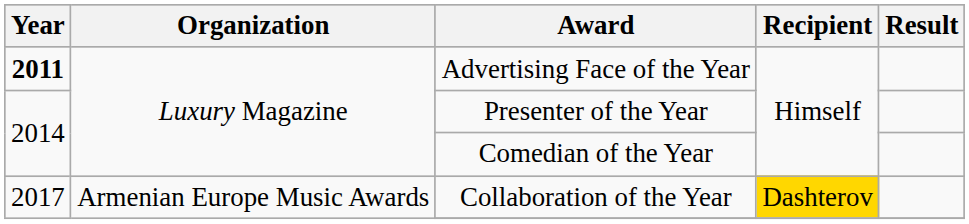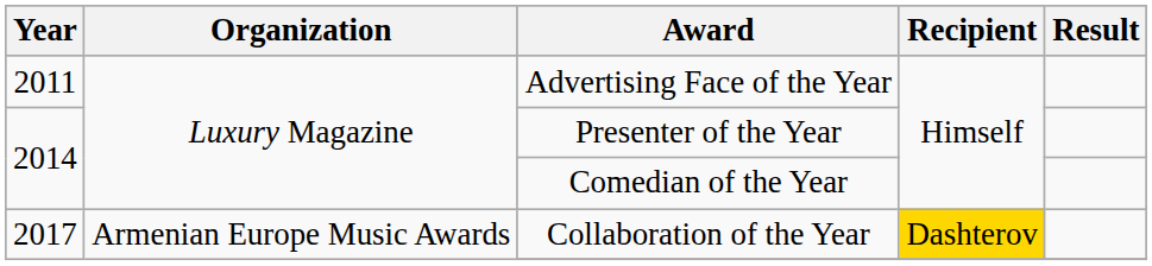 <table class="wikitable plainrowheaders" style="text-align:center;">
 <tr>
 <th>Year</th>
 <th>Organization</th>
 <th>Award</th>
 <th>Recipient</th>
 <th>Result</th>
 </tr>
 <tr>
-<td><strong>2011</strong></td>
+<td>2011</td>
 <td rowspan="3"><em>Luxury</em> Magazine</td>
 <td>Advertising Face of the Year</td>
 <td rowspan="3">Himself</td>
 <td></td>
 </tr>
 <tr>
 <td rowspan="2">2014</td>
 <td>Presenter of the Year</td>
 <td></td>
 </tr>
 <tr>
 <td>Comedian of the Year</td>
 <td></td>
 </tr>
 <tr>
 <td rowspan="2">2017</td>
 <td rowspan=2>Armenian Europe Music Awards</td>
 <td>Collaboration of the Year</td>
 <td style="background: gold;">Dashterov</td>
 <td></td>
 </tr>
 <tr>
 </tr>
 </table>
